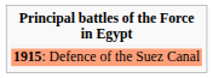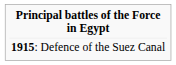 <table class="infobox" width=228>
 <tr>
 <td align="center"><strong>Principal battles of the Force in Egypt</strong></td>
 </tr>
 <tr style="background-color:#f3f3f3">
 <td align="center"></td>
 </tr>
 <tr>
-<td align="center" style="background: lightsalmon;"><strong>1915</strong>: Defence of the Suez Canal</td>
+<td align="center"><strong>1915</strong>: Defence of the Suez Canal</td>
 </tr>
 <tr style="background-color:#f3f3f3">
 </tr>
 </table>
